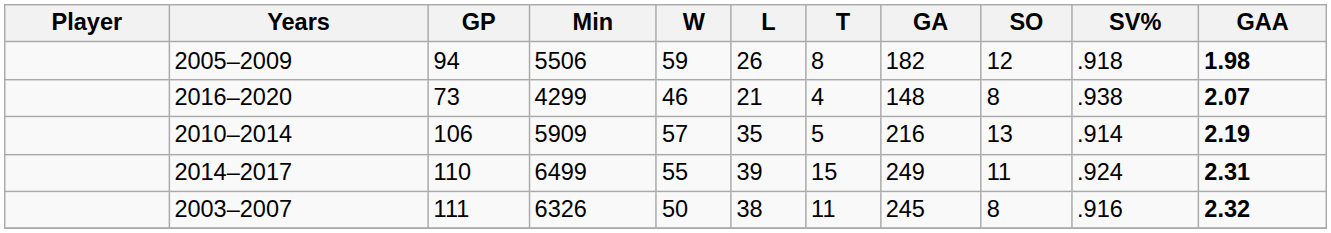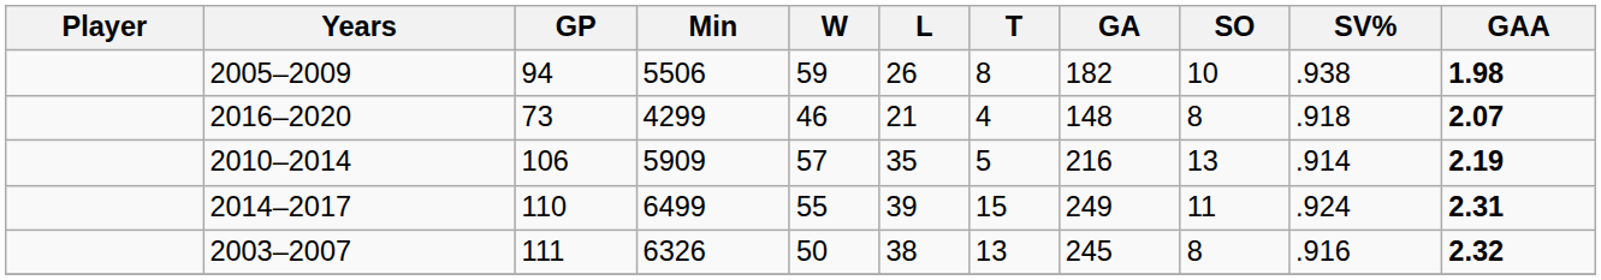 <table class="wikitable sortable" width = 900>
 <tr>
 <th>Player</th>
 <th>Years</th>
 <th>GP</th>
 <th>Min</th>
 <th>W</th>
 <th>L</th>
 <th>T</th>
 <th>GA</th>
 <th>SO</th>
 <th>SV%</th>
 <th>GAA</th>
 </tr>
 <tr>
 <td></td>
 <td>2005–2009</td>
 <td>94</td>
 <td>5506</td>
 <td>59</td>
 <td>26</td>
 <td>8</td>
 <td>182</td>
-<td>12</td>
-<td>.918</td>
+<td>10</td>
+<td>.938</td>
 <td><strong>1.98</strong></td>
 </tr>
 <tr>
 <td></td>
 <td>2016–2020</td>
 <td>73</td>
 <td>4299</td>
 <td>46</td>
 <td>21</td>
 <td>4</td>
 <td>148</td>
 <td>8</td>
-<td>.938</td>
+<td>.918</td>
 <td><strong>2.07</strong></td>
 </tr>
 <tr>
 <td></td>
 <td>2010–2014</td>
 <td>106</td>
 <td>5909</td>
 <td>57</td>
 <td>35</td>
 <td>5</td>
 <td>216</td>
 <td>13</td>
 <td>.914</td>
 <td><strong>2.19</strong></td>
 </tr>
 <tr>
 <td></td>
 <td>2014–2017</td>
 <td>110</td>
 <td>6499</td>
 <td>55</td>
 <td>39</td>
 <td>15</td>
 <td>249</td>
 <td>11</td>
 <td>.924</td>
 <td><strong>2.31</strong></td>
 </tr>
 <tr>
 <td></td>
 <td>2003–2007</td>
 <td>111</td>
 <td>6326</td>
 <td>50</td>
 <td>38</td>
-<td>11</td>
+<td>13</td>
 <td>245</td>
 <td>8</td>
 <td>.916</td>
 <td><strong>2.32</strong></td>
 </tr>
 <tr>
 </tr>
 </table>
